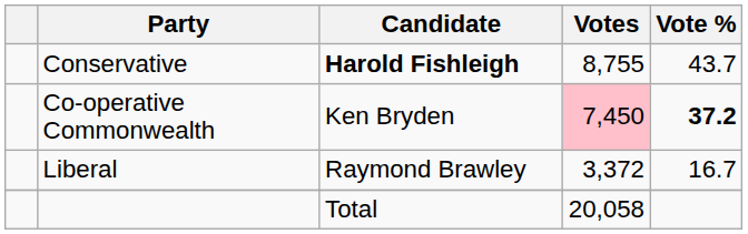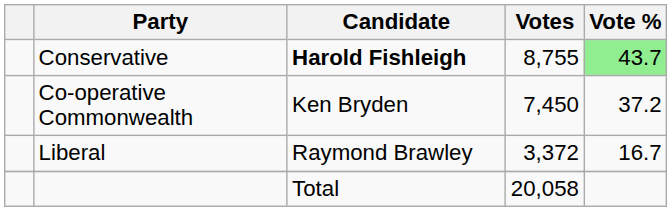 <table class="wikitable">
 <tr>
 <th></th>
 <th scope="col" width="175">Party</th>
 <th scope="col" width="150">Candidate</th>
 <th>Votes</th>
 <th>Vote %</th>
 </tr>
 <tr>
 <td>   </td>
 <td>Conservative</td>
 <td><strong>Harold Fishleigh</strong></td>
 <td align=right>8,755</td>
-<td align=right>43.7</td>
+<td align=right style="background: lightgreen;">43.7</td>
 </tr>
 <tr |>
 <td>   </td>
 <td>Co-operative Commonwealth</td>
 <td>Ken Bryden</td>
-<td align=right style="background: pink;">7,450</td>
-<td align=right><strong>37.2</strong></td>
+<td align=right>7,450</td>
+<td align=right>37.2</td>
 </tr>
 <tr |>
 <td>   </td>
 <td>Liberal</td>
 <td>Raymond Brawley</td>
 <td align=right>3,372</td>
 <td align=right>16.7</td>
 </tr>
 <tr |>
 </tr>
 <tr | |>
 <td></td>
 <td></td>
 <td>Total</td>
 <td align=right>20,058</td>
 <td></td>
 </tr>
 </table>
